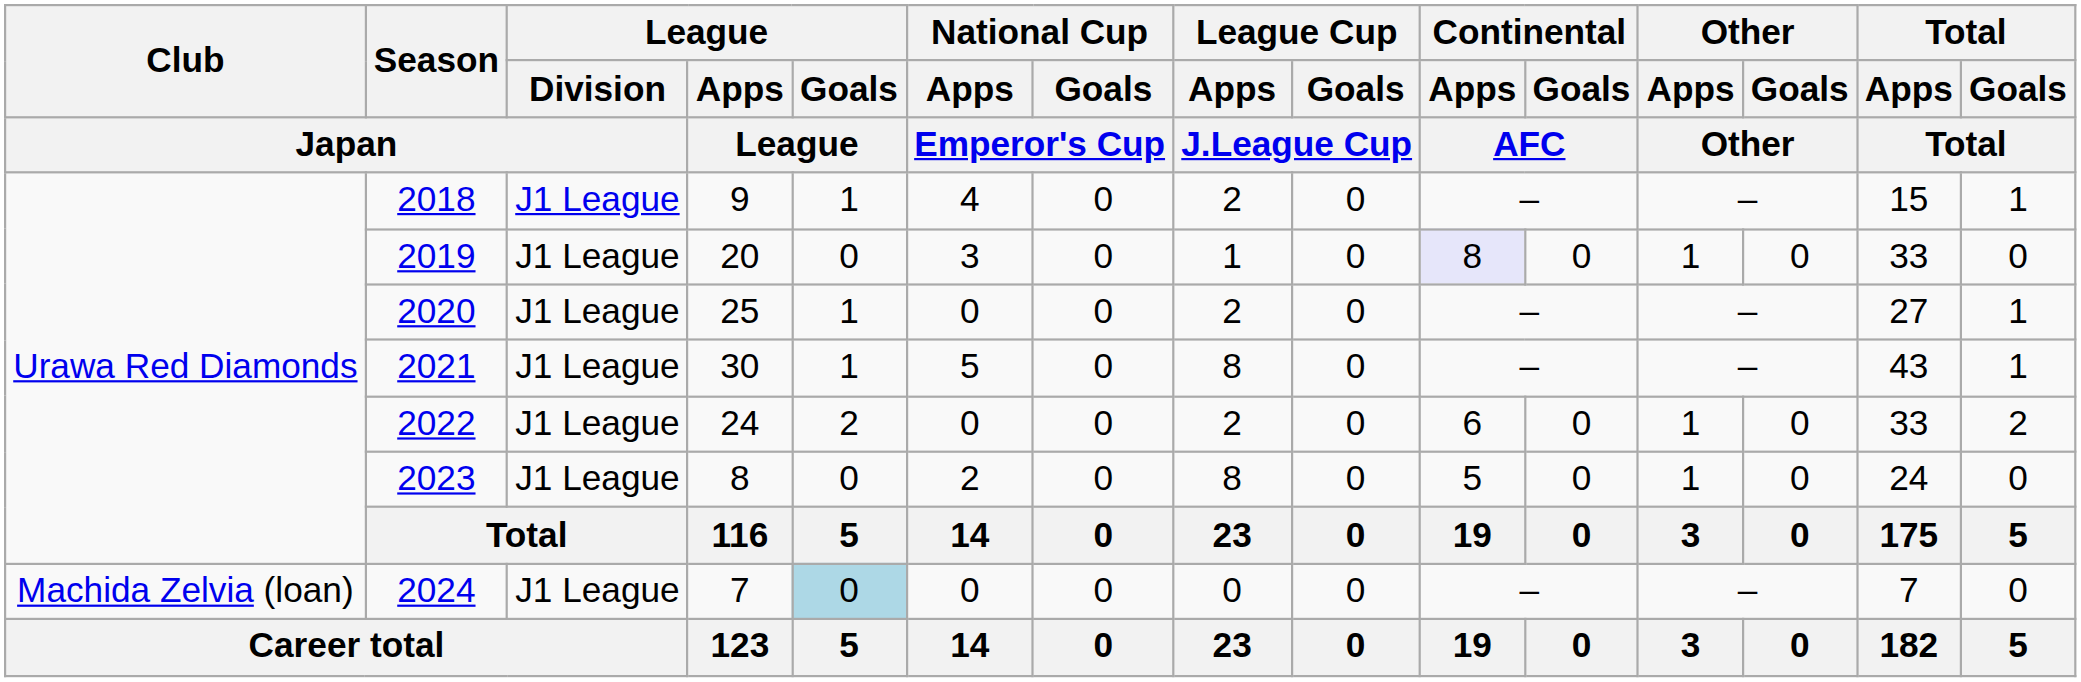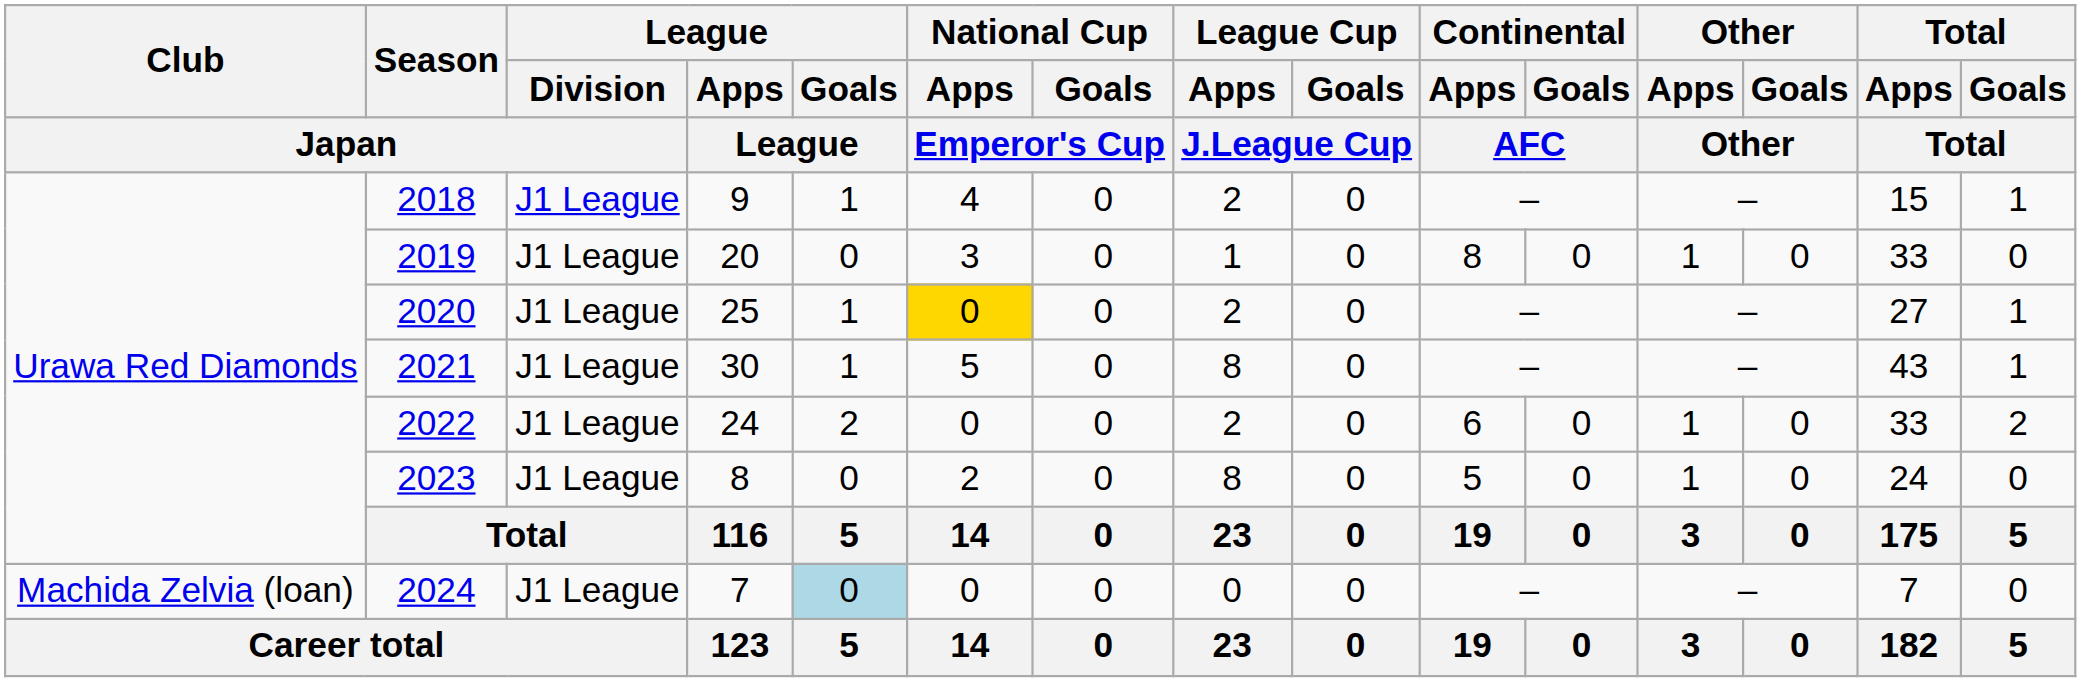 <table class="wikitable" style="text-align:center;">
 <tr>
 <th rowspan=2>Club</th>
 <th rowspan=2>Season</th>
 <th colspan=3>League</th>
 <th colspan=2>National Cup</th>
 <th colspan=2>League Cup</th>
 <th colspan=2>Continental</th>
 <th colspan=2>Other</th>
 <th colspan=2>Total</th>
 </tr>
 <tr>
 <th>Division</th>
 <th>Apps</th>
 <th>Goals</th>
 <th>Apps</th>
 <th>Goals</th>
 <th>Apps</th>
 <th>Goals</th>
 <th>Apps</th>
 <th>Goals</th>
 <th>Apps</th>
 <th>Goals</th>
 <th>Apps</th>
 <th>Goals</th>
 </tr>
 <tr>
 <th colspan=3>Japan</th>
 <th colspan=2>League</th>
 <th colspan=2><a href='#'>Emperor's Cup</a></th>
 <th colspan=2><a href='#'>J.League Cup</a></th>
 <th colspan=2><a href='#'>AFC</a></th>
 <th colspan=2>Other</th>
 <th colspan=2>Total</th>
 </tr>
 <tr>
 <td rowspan="7"><a href='#'>Urawa Red Diamonds</a></td>
 <td><a href='#'>2018</a></td>
 <td><a href='#'>J1 League</a></td>
 <td>9</td>
 <td>1</td>
 <td>4</td>
 <td>0</td>
 <td>2</td>
 <td>0</td>
 <td colspan="2">–</td>
 <td colspan="2">–</td>
 <td>15</td>
 <td>1</td>
 </tr>
 <tr>
 <td><a href='#'>2019</a></td>
 <td>J1 League</td>
 <td>20</td>
 <td>0</td>
 <td>3</td>
 <td>0</td>
 <td>1</td>
 <td>0</td>
-<td style="background: lavender;">8</td>
+<td>8</td>
 <td>0</td>
 <td>1</td>
 <td>0</td>
 <td>33</td>
 <td>0</td>
 </tr>
 <tr>
 <td><a href='#'>2020</a></td>
 <td>J1 League</td>
 <td>25</td>
 <td>1</td>
-<td>0</td>
+<td style="background: gold;">0</td>
 <td>0</td>
 <td>2</td>
 <td>0</td>
 <td colspan="2">–</td>
 <td colspan="2">–</td>
 <td>27</td>
 <td>1</td>
 </tr>
 <tr>
 <td><a href='#'>2021</a></td>
 <td>J1 League</td>
 <td>30</td>
 <td>1</td>
 <td>5</td>
 <td>0</td>
 <td>8</td>
 <td>0</td>
 <td colspan="2">–</td>
 <td colspan="2">–</td>
 <td>43</td>
 <td>1</td>
 </tr>
 <tr>
 <td><a href='#'>2022</a></td>
 <td>J1 League</td>
 <td>24</td>
 <td>2</td>
 <td>0</td>
 <td>0</td>
 <td>2</td>
 <td>0</td>
 <td>6</td>
 <td>0</td>
 <td>1</td>
 <td>0</td>
 <td>33</td>
 <td>2</td>
 </tr>
 <tr>
 <td><a href='#'>2023</a></td>
 <td>J1 League</td>
 <td>8</td>
 <td>0</td>
 <td>2</td>
 <td>0</td>
 <td>8</td>
 <td>0</td>
 <td>5</td>
 <td>0</td>
 <td>1</td>
 <td>0</td>
 <td>24</td>
 <td>0</td>
 </tr>
 <tr>
 <th colspan="2">Total</th>
 <th>116</th>
 <th>5</th>
 <th>14</th>
 <th>0</th>
 <th>23</th>
 <th>0</th>
 <th>19</th>
 <th>0</th>
 <th>3</th>
 <th>0</th>
 <th>175</th>
 <th>5</th>
 </tr>
 <tr>
 <td><a href='#'>Machida Zelvia</a> (loan)</td>
 <td><a href='#'>2024</a></td>
 <td>J1 League</td>
 <td>7</td>
 <td style="background: lightblue;">0</td>
 <td>0</td>
 <td>0</td>
 <td>0</td>
 <td>0</td>
 <td colspan="2">–</td>
 <td colspan="2">–</td>
 <td>7</td>
 <td>0</td>
 </tr>
 <tr>
 <th colspan=3>Career total</th>
 <th>123</th>
 <th>5</th>
 <th>14</th>
 <th>0</th>
 <th>23</th>
 <th>0</th>
 <th>19</th>
 <th>0</th>
 <th>3</th>
 <th>0</th>
 <th>182</th>
 <th>5</th>
 </tr>
 </table>
